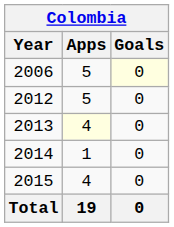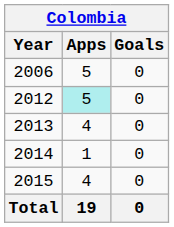 <table class="wikitable" style="text-align:center">
 <tr>
 <th colspan=3><a href='#'>Colombia</a></th>
 </tr>
 <tr>
 <th>Year</th>
 <th>Apps</th>
 <th>Goals</th>
 </tr>
 <tr>
 <td>2006</td>
 <td>5</td>
-<td style="background: lightyellow;">0</td>
+<td>0</td>
 </tr>
 <tr>
 <td>2012</td>
-<td>5</td>
+<td style="background: paleturquoise;">5</td>
 <td>0</td>
 </tr>
 <tr>
 <td>2013</td>
-<td style="background: lightyellow;">4</td>
+<td>4</td>
 <td>0</td>
 </tr>
 <tr>
 <td>2014</td>
 <td>1</td>
 <td>0</td>
 </tr>
 <tr>
 <td>2015</td>
 <td>4</td>
 <td>0</td>
 </tr>
 <tr>
 <th>Total</th>
 <th>19</th>
 <th>0</th>
 </tr>
 </table>
